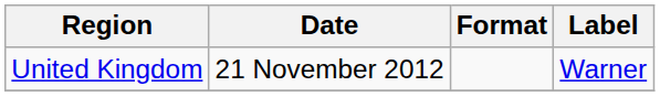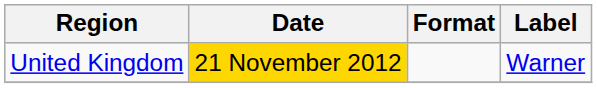 <table class=wikitable>
 <tr>
 <th>Region</th>
 <th>Date</th>
 <th>Format</th>
 <th>Label</th>
 </tr>
 <tr>
 <td><a href='#'>United Kingdom</a></td>
-<td>21 November 2012</td>
+<td style="background: gold;">21 November 2012</td>
 <td></td>
 <td><a href='#'>Warner</a></td>
 </tr>
 <tr>
 </tr>
 </table>
